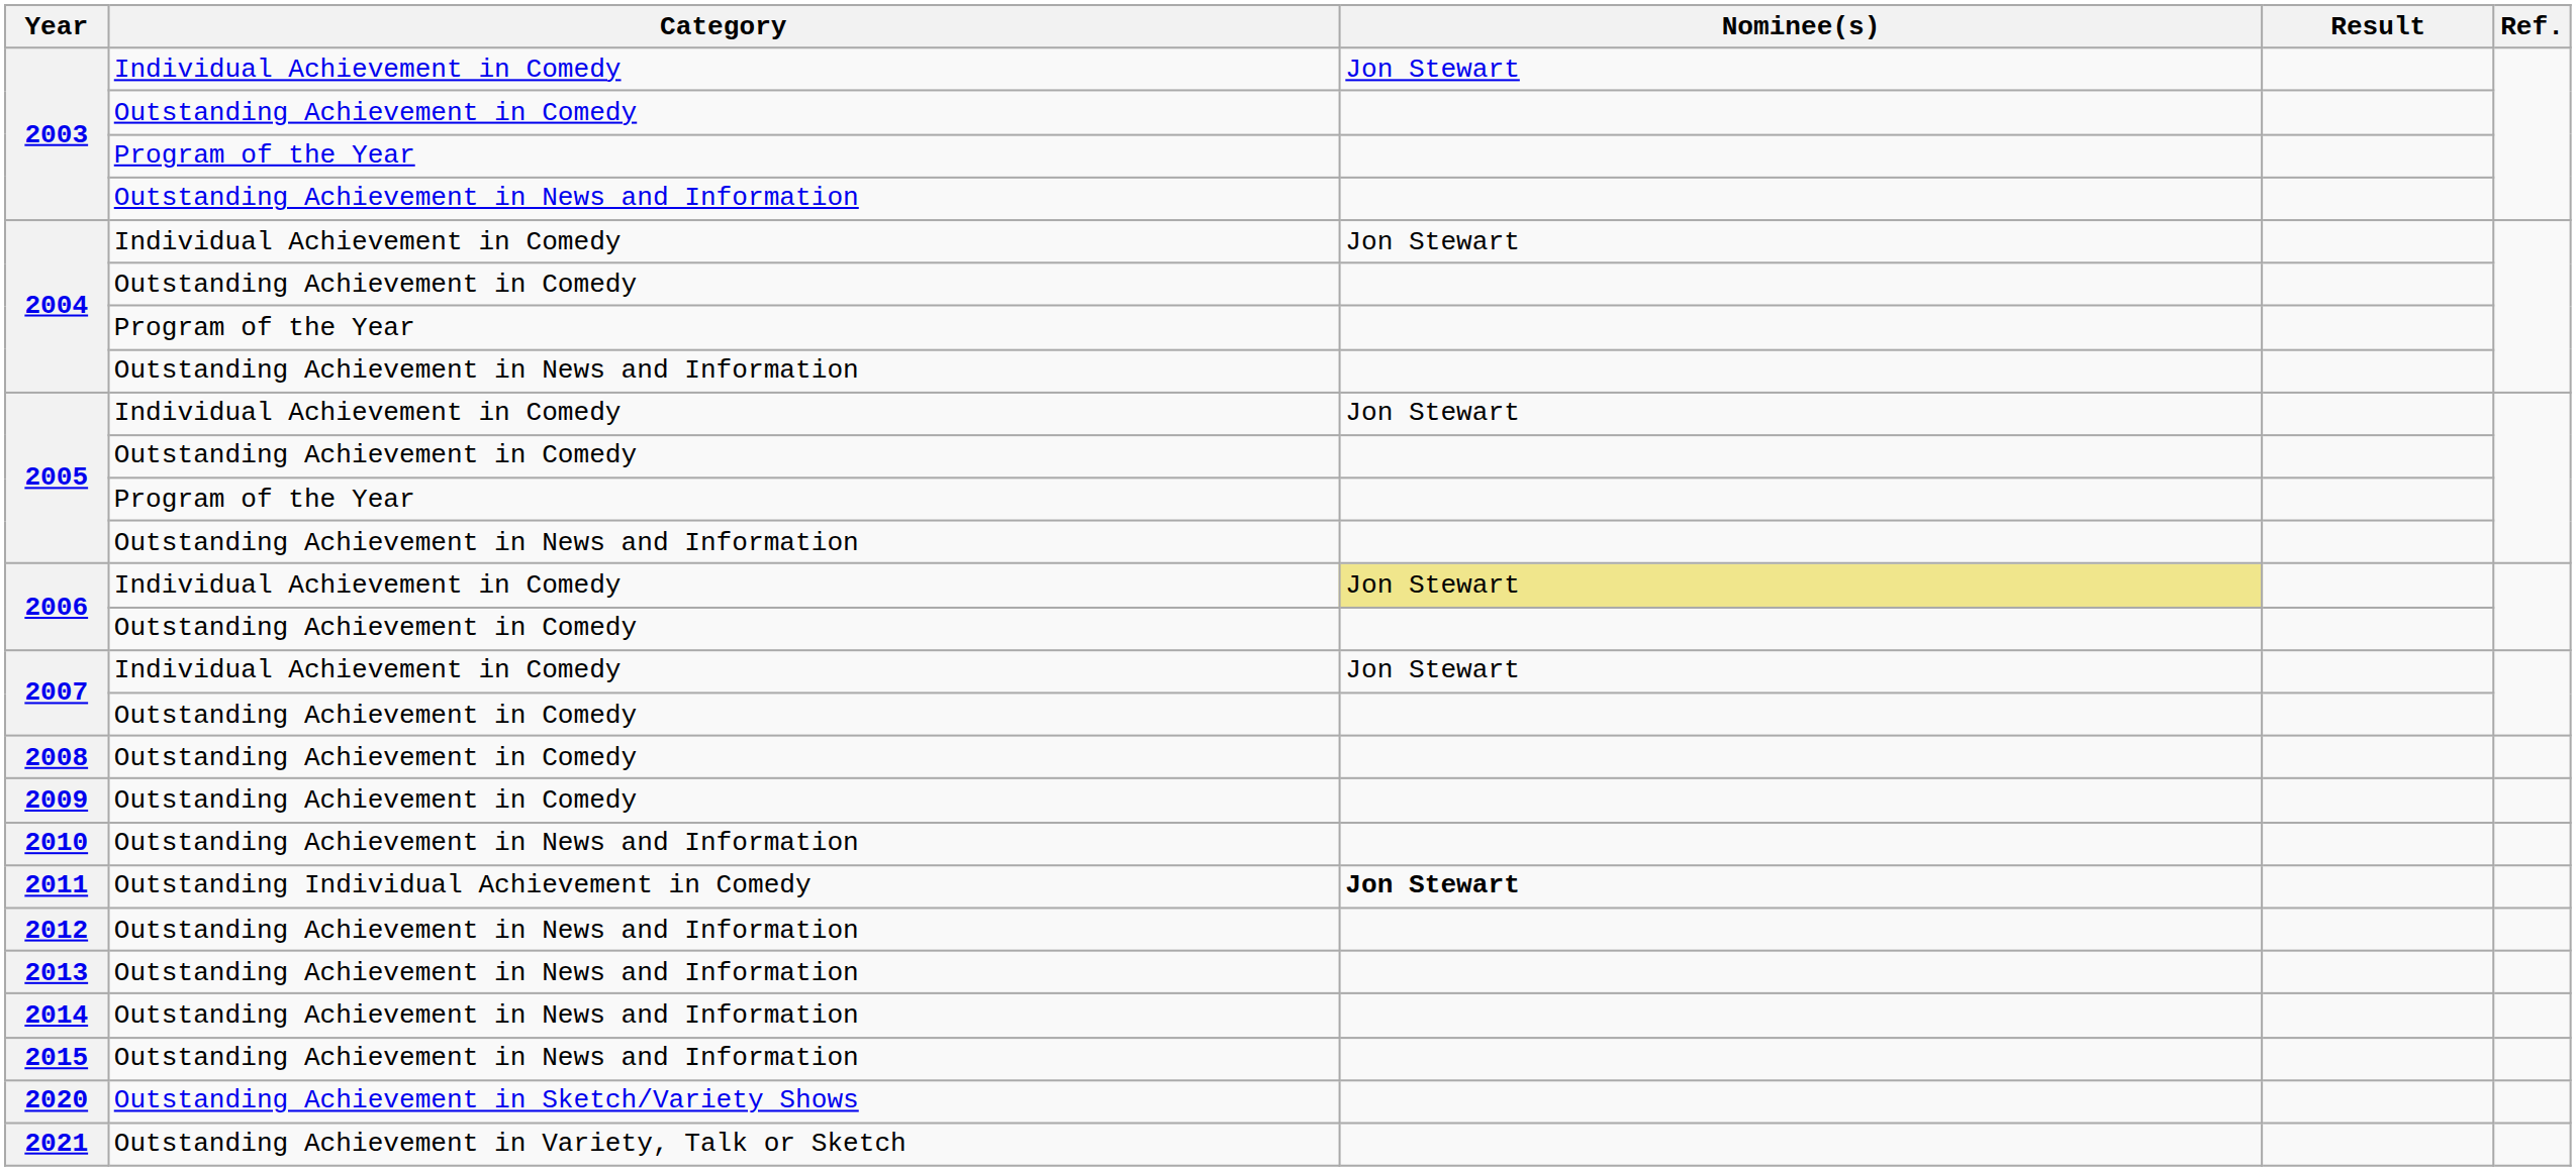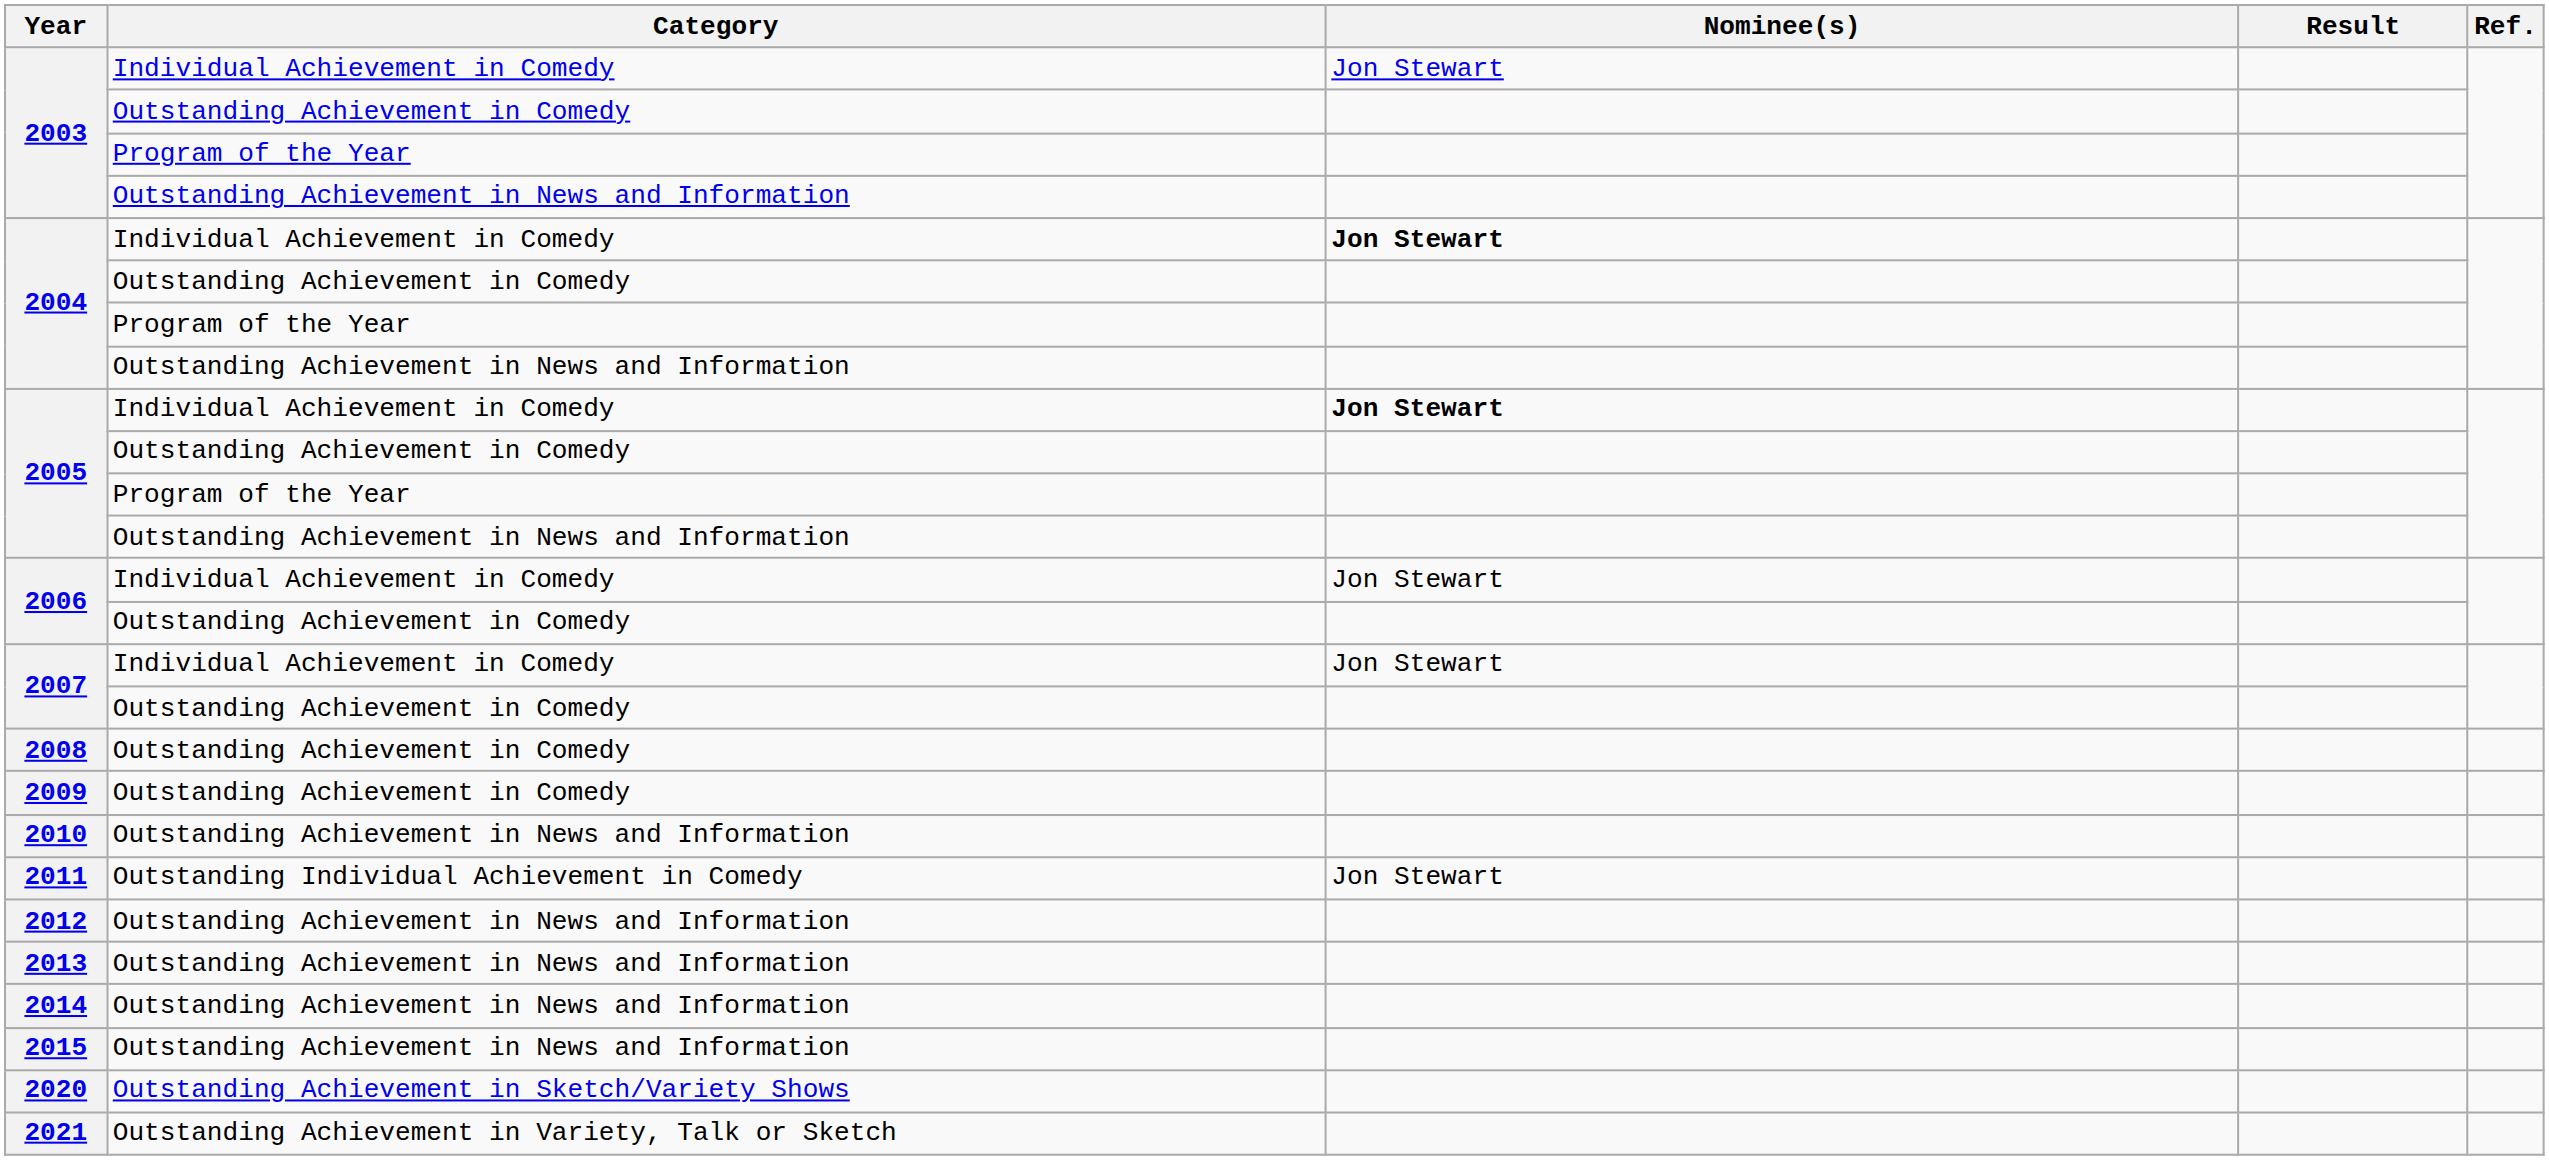 <table class="wikitable plainrowheaders" width=100%>
 <tr>
 <th scope="col" width="4%">Year</th>
 <th scope="col" width="48%">Category</th>
 <th scope="col" width="36%">Nominee(s)</th>
 <th scope="col" width="9%">Result</th>
 <th scope="col" width="3%">Ref.</th>
 </tr>
 <tr>
 <th scope="row" rowspan=4><a href='#'>2003</a></th>
 <td><a href='#'>Individual Achievement in Comedy</a></td>
 <td><a href='#'>Jon Stewart</a></td>
 <td></td>
 <td rowspan=4></td>
 </tr>
 <tr>
 <td><a href='#'>Outstanding Achievement in Comedy</a></td>
 <td></td>
 <td></td>
 </tr>
 <tr>
 <td><a href='#'>Program of the Year</a></td>
 <td></td>
 <td></td>
 </tr>
 <tr>
 <td><a href='#'>Outstanding Achievement in News and Information</a></td>
 <td></td>
 <td></td>
 </tr>
 <tr>
 <th scope="row" rowspan=4><a href='#'>2004</a></th>
 <td>Individual Achievement in Comedy</td>
-<td>Jon Stewart</td>
+<td><strong>Jon Stewart</strong></td>
 <td></td>
 <td rowspan=4></td>
 </tr>
 <tr>
 <td>Outstanding Achievement in Comedy</td>
 <td></td>
 <td></td>
 </tr>
 <tr>
 <td>Program of the Year</td>
 <td></td>
 <td></td>
 </tr>
 <tr>
 <td>Outstanding Achievement in News and Information</td>
 <td></td>
 <td></td>
 </tr>
 <tr>
 <th scope="row" rowspan=4><a href='#'>2005</a></th>
 <td>Individual Achievement in Comedy</td>
-<td>Jon Stewart</td>
+<td><strong>Jon Stewart</strong></td>
 <td></td>
 <td rowspan=4></td>
 </tr>
 <tr>
 <td>Outstanding Achievement in Comedy</td>
 <td></td>
 <td></td>
 </tr>
 <tr>
 <td>Program of the Year</td>
 <td></td>
 <td></td>
 </tr>
 <tr>
 <td>Outstanding Achievement in News and Information</td>
 <td></td>
 <td></td>
 </tr>
 <tr>
 <th scope="row" rowspan=2><a href='#'>2006</a></th>
 <td>Individual Achievement in Comedy</td>
-<td style="background: khaki;">Jon Stewart</td>
+<td>Jon Stewart</td>
 <td></td>
 <td rowspan=2></td>
 </tr>
 <tr>
 <td>Outstanding Achievement in Comedy</td>
 <td></td>
 <td></td>
 </tr>
 <tr>
 <th scope="row" rowspan=2><a href='#'>2007</a></th>
 <td>Individual Achievement in Comedy</td>
 <td>Jon Stewart</td>
 <td></td>
 <td rowspan=2></td>
 </tr>
 <tr>
 <td>Outstanding Achievement in Comedy</td>
 <td></td>
 <td></td>
 </tr>
 <tr>
 <th scope="row"><a href='#'>2008</a></th>
 <td>Outstanding Achievement in Comedy</td>
 <td></td>
 <td></td>
 <td></td>
 </tr>
 <tr>
 <th scope="row"><a href='#'>2009</a></th>
 <td>Outstanding Achievement in Comedy</td>
 <td></td>
 <td></td>
 <td></td>
 </tr>
 <tr>
 <th scope="row"><a href='#'>2010</a></th>
 <td>Outstanding Achievement in News and Information</td>
 <td></td>
 <td></td>
 <td></td>
 </tr>
 <tr>
 <th scope="row"><a href='#'>2011</a></th>
 <td>Outstanding Individual Achievement in Comedy</td>
-<td><strong>Jon Stewart</strong></td>
+<td>Jon Stewart</td>
 <td></td>
 <td></td>
 </tr>
 <tr>
 <th scope="row"><a href='#'>2012</a></th>
 <td>Outstanding Achievement in News and Information</td>
 <td></td>
 <td></td>
 <td></td>
 </tr>
 <tr>
 <th scope="row"><a href='#'>2013</a></th>
 <td>Outstanding Achievement in News and Information</td>
 <td></td>
 <td></td>
 <td></td>
 </tr>
 <tr>
 <th scope="row"><a href='#'>2014</a></th>
 <td>Outstanding Achievement in News and Information</td>
 <td></td>
 <td></td>
 <td></td>
 </tr>
 <tr>
 <th scope="row"><a href='#'>2015</a></th>
 <td>Outstanding Achievement in News and Information</td>
 <td></td>
 <td></td>
 <td></td>
 </tr>
 <tr>
 <th scope="row"><a href='#'>2020</a></th>
 <td><a href='#'>Outstanding Achievement in Sketch/Variety Shows</a></td>
 <td></td>
 <td></td>
 <td></td>
 </tr>
 <tr>
 <th scope="row"><a href='#'>2021</a></th>
 <td>Outstanding Achievement in Variety, Talk or Sketch</td>
 <td></td>
 <td></td>
 <td></td>
 </tr>
 </table>
